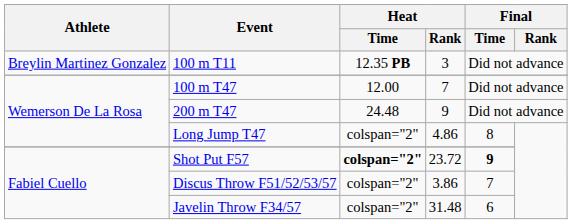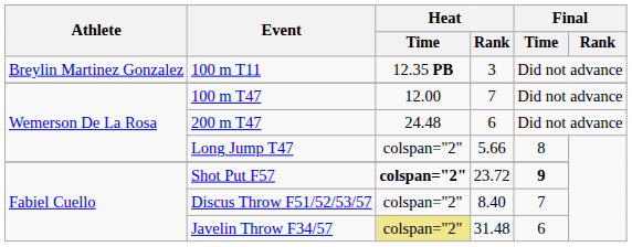 <table class=wikitable style="font-size:90%">
 <tr>
 <th rowspan="2">Athlete</th>
 <th rowspan="2">Event</th>
 <th colspan="2">Heat</th>
 <th colspan="2">Final</th>
 </tr>
 <tr style="font-size:95%">
 <th>Time</th>
 <th>Rank</th>
 <th>Time</th>
 <th>Rank</th>
 </tr>
 <tr align=center>
 <td align=left><a href='#'>Breylin Martinez Gonzalez</a></td>
 <td align=left><a href='#'>100 m T11</a></td>
 <td>12.35 <strong>PB</strong></td>
 <td>3</td>
 <td colspan="2">Did not advance</td>
 </tr>
 <tr>
 </tr>
 <tr align=center>
 <td align=left rowspan="3"><a href='#'>Wemerson De La Rosa</a></td>
 <td align=left><a href='#'>100 m T47</a></td>
 <td>12.00</td>
 <td>7</td>
 <td colspan="2">Did not advance</td>
 </tr>
 <tr align=center>
 <td align=left><a href='#'>200 m T47</a></td>
 <td>24.48</td>
-<td>9</td>
+<td>6</td>
 <td colspan="2">Did not advance</td>
 </tr>
 <tr align=center>
 <td align=left><a href='#'>Long Jump T47</a></td>
 <td>colspan="2" </td>
-<td>4.86</td>
+<td>5.66</td>
 <td>8</td>
 </tr>
 <tr>
 </tr>
 <tr align=center>
 <td align=left rowspan="3"><a href='#'>Fabiel Cuello</a></td>
 <td align=left><a href='#'>Shot Put F57</a></td>
 <td><strong>colspan="2" </strong></td>
 <td>23.72</td>
 <td><strong>9</strong></td>
 </tr>
 <tr align=center>
 <td align=left><a href='#'>Discus Throw F51/52/53/57</a></td>
 <td>colspan="2" </td>
-<td>3.86</td>
+<td>8.40</td>
 <td>7</td>
 </tr>
 <tr align=center>
 <td align=left><a href='#'>Javelin Throw F34/57</a></td>
-<td>colspan="2" </td>
+<td style="background: khaki;">colspan="2" </td>
 <td>31.48</td>
 <td>6</td>
 </tr>
 </table>
